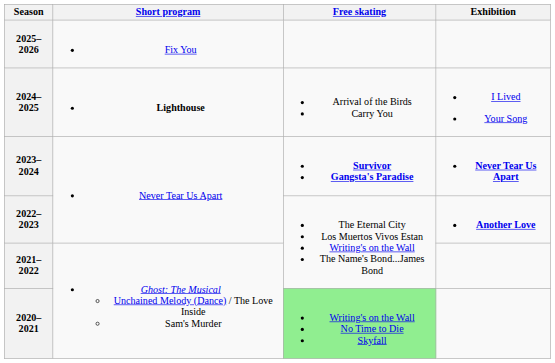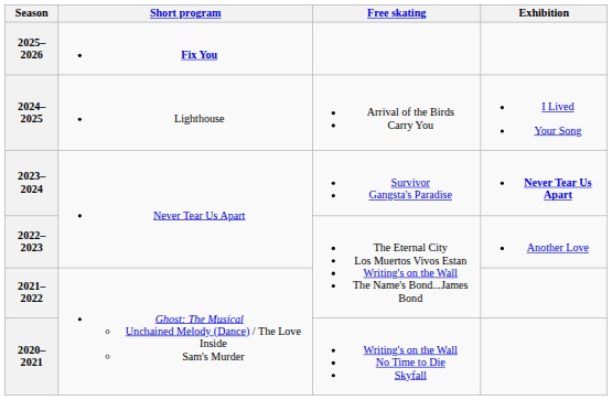 <table class="wikitable" style="text-align:center">
 <tr>
 <th>Season</th>
 <th><a href='#'>Short program</a></th>
 <th><a href='#'>Free skating</a></th>
 <th>Exhibition</th>
 </tr>
 <tr>
 <th>2025–2026 <br> </th>
-<td><br><ul><li><a href='#'>Fix You</a> <br> </li></ul></td>
+<td><strong><br><ul><li><a href='#'>Fix You</a> <br> </li></ul></strong></td>
 <td></td>
 <td></td>
 </tr>
 <tr>
 <th>2024–2025 <br> </th>
-<td><strong><br><ul><li>Lighthouse <br> </li></ul></strong></td>
+<td><br><ul><li>Lighthouse <br> </li></ul></td>
 <td><br><ul><li>Arrival of the Birds <br> </li><li>Carry You <br></li></ul></td>
 <td><br><ul><li><a href='#'>I Lived</a> <br></li></ul><ul><li><a href='#'>Your Song</a> <br> </li></ul></td>
 </tr>
 <tr>
 <th>2023–2024 <br> </th>
 <td rowspan=2><br><ul><li><a href='#'>Never Tear Us Apart</a> <br> </li></ul></td>
-<td><strong><br><ul><li><a href='#'>Survivor</a> <br> </li><li><a href='#'>Gangsta's Paradise</a> <br></li></ul></strong></td>
+<td><br><ul><li><a href='#'>Survivor</a> <br> </li><li><a href='#'>Gangsta's Paradise</a> <br></li></ul></td>
 <td><strong><br><ul><li><a href='#'>Never Tear Us Apart</a> <br> </li></ul></strong></td>
 </tr>
 <tr>
 <th>2022–2023 <br> </th>
 <td rowspan=2><br><ul><li>The Eternal City</li><li>Los Muertos Vivos Estan <br> </li><li><a href='#'>Writing's on the Wall</a> <br> </li><li>The Name's Bond...James Bond <br> </li></ul></td>
-<td><strong><br><ul><li><a href='#'>Another Love</a> <br></li></ul></strong></td>
+<td><br><ul><li><a href='#'>Another Love</a> <br></li></ul></td>
 </tr>
 <tr>
 <th>2021–2022 <br> </th>
 <td rowspan=2><br><ul><li><em><a href='#'>Ghost: The Musical</a></em><ul><li><a href='#'>Unchained Melody (Dance)</a> / The Love Inside</li><li>Sam's Murder <br> </li></ul></li></ul></td>
 <td></td>
 </tr>
 <tr>
 <th>2020–2021 <br> </th>
-<td style="background: lightgreen;"><br><ul><li><a href='#'>Writing's on the Wall</a> <br> </li><li><a href='#'>No Time to Die</a> <br> </li><li><a href='#'>Skyfall</a> <br> </li></ul></td>
+<td><br><ul><li><a href='#'>Writing's on the Wall</a> <br> </li><li><a href='#'>No Time to Die</a> <br> </li><li><a href='#'>Skyfall</a> <br> </li></ul></td>
 <td></td>
 </tr>
 </table>
